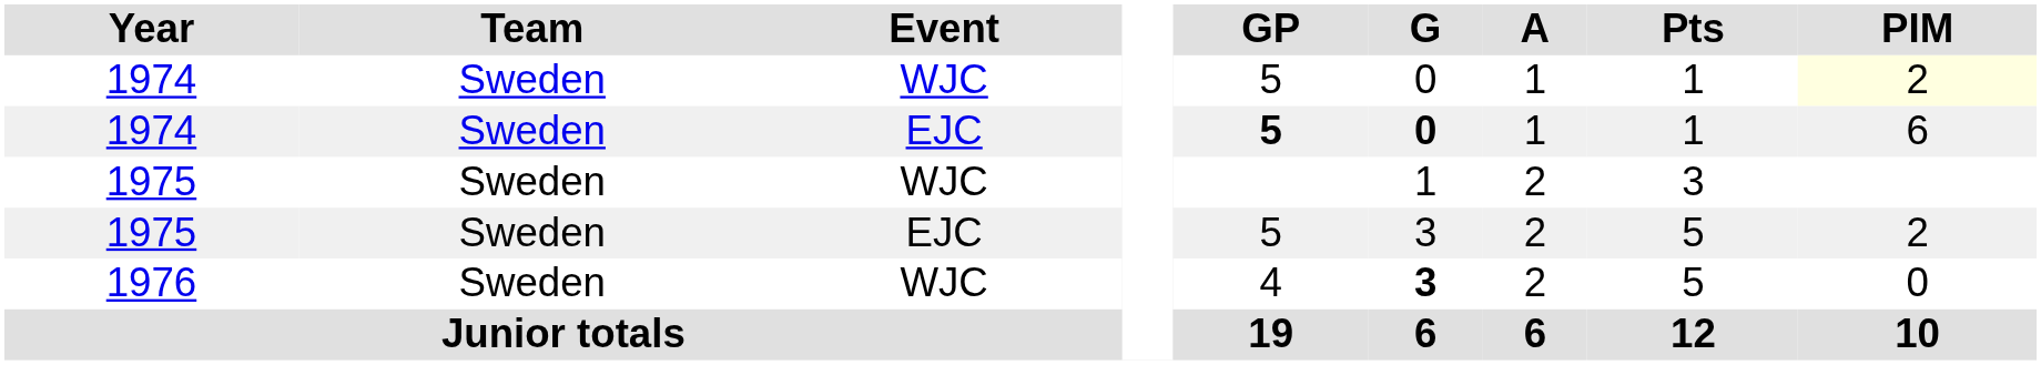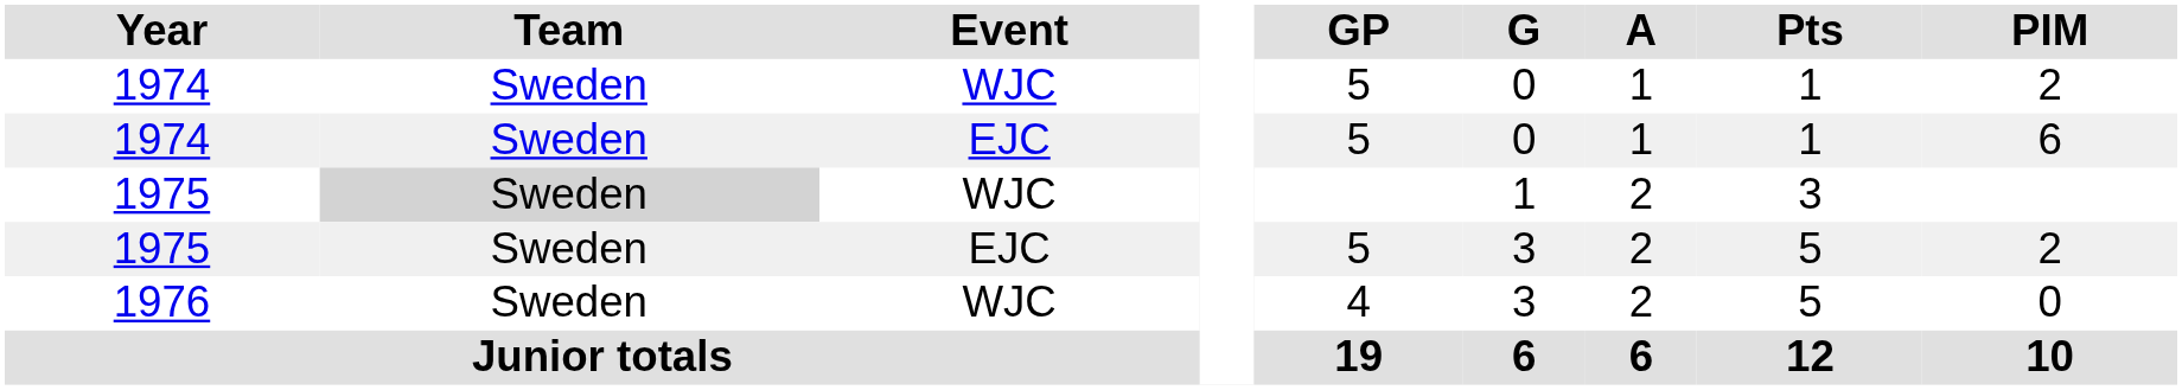 <table border="0" cellpadding="1" cellspacing="0" style="text-align:center; width:50em">
 <tr ALIGN="center" bgcolor="#e0e0e0">
 <th>Year</th>
 <th>Team</th>
 <th>Event</th>
 <th rowspan="99" bgcolor="#ffffff"> </th>
 <th>GP</th>
 <th>G</th>
 <th>A</th>
 <th>Pts</th>
 <th>PIM</th>
 </tr>
 <tr>
 <td><a href='#'>1974</a></td>
 <td><a href='#'>Sweden</a></td>
 <td><a href='#'>WJC</a></td>
 <td>5</td>
 <td>0</td>
 <td>1</td>
 <td>1</td>
-<td style="background: lightyellow;">2</td>
+<td>2</td>
 </tr>
 <tr bgcolor="#f0f0f0">
 <td><a href='#'>1974</a></td>
 <td><a href='#'>Sweden</a></td>
 <td><a href='#'>EJC</a></td>
-<td><strong>5</strong></td>
-<td><strong>0</strong></td>
+<td>5</td>
+<td>0</td>
 <td>1</td>
 <td>1</td>
 <td>6</td>
 </tr>
 <tr>
 <td><a href='#'>1975</a></td>
-<td>Sweden</td>
+<td style="background: lightgrey;">Sweden</td>
 <td>WJC</td>
 <td></td>
 <td>1</td>
 <td>2</td>
 <td>3</td>
 <td></td>
 </tr>
 <tr bgcolor="#f0f0f0">
 <td><a href='#'>1975</a></td>
 <td>Sweden</td>
 <td>EJC</td>
 <td>5</td>
 <td>3</td>
 <td>2</td>
 <td>5</td>
 <td>2</td>
 </tr>
 <tr>
 <td><a href='#'>1976</a></td>
 <td>Sweden</td>
 <td>WJC</td>
 <td>4</td>
-<td><strong>3</strong></td>
+<td>3</td>
 <td>2</td>
 <td>5</td>
 <td>0</td>
 </tr>
 <tr bgcolor="#e0e0e0">
 <th colspan="3">Junior totals</th>
 <th>19</th>
 <th>6</th>
 <th>6</th>
 <th>12</th>
 <th>10</th>
 </tr>
 </table>
